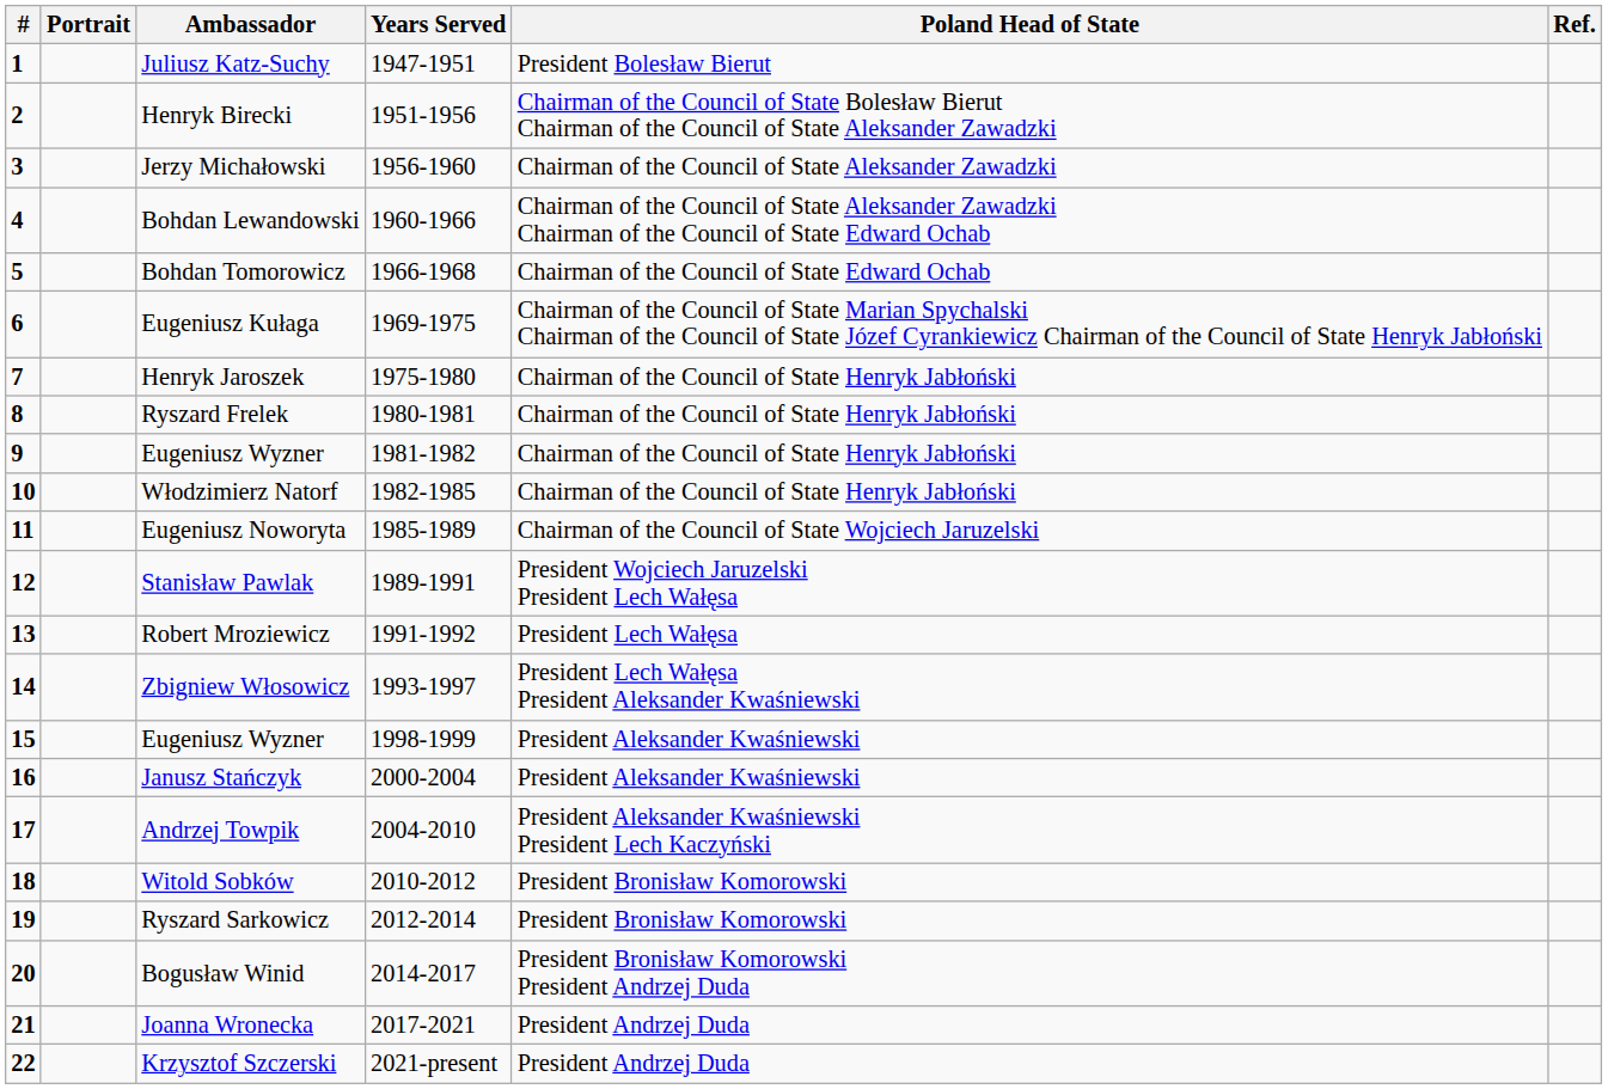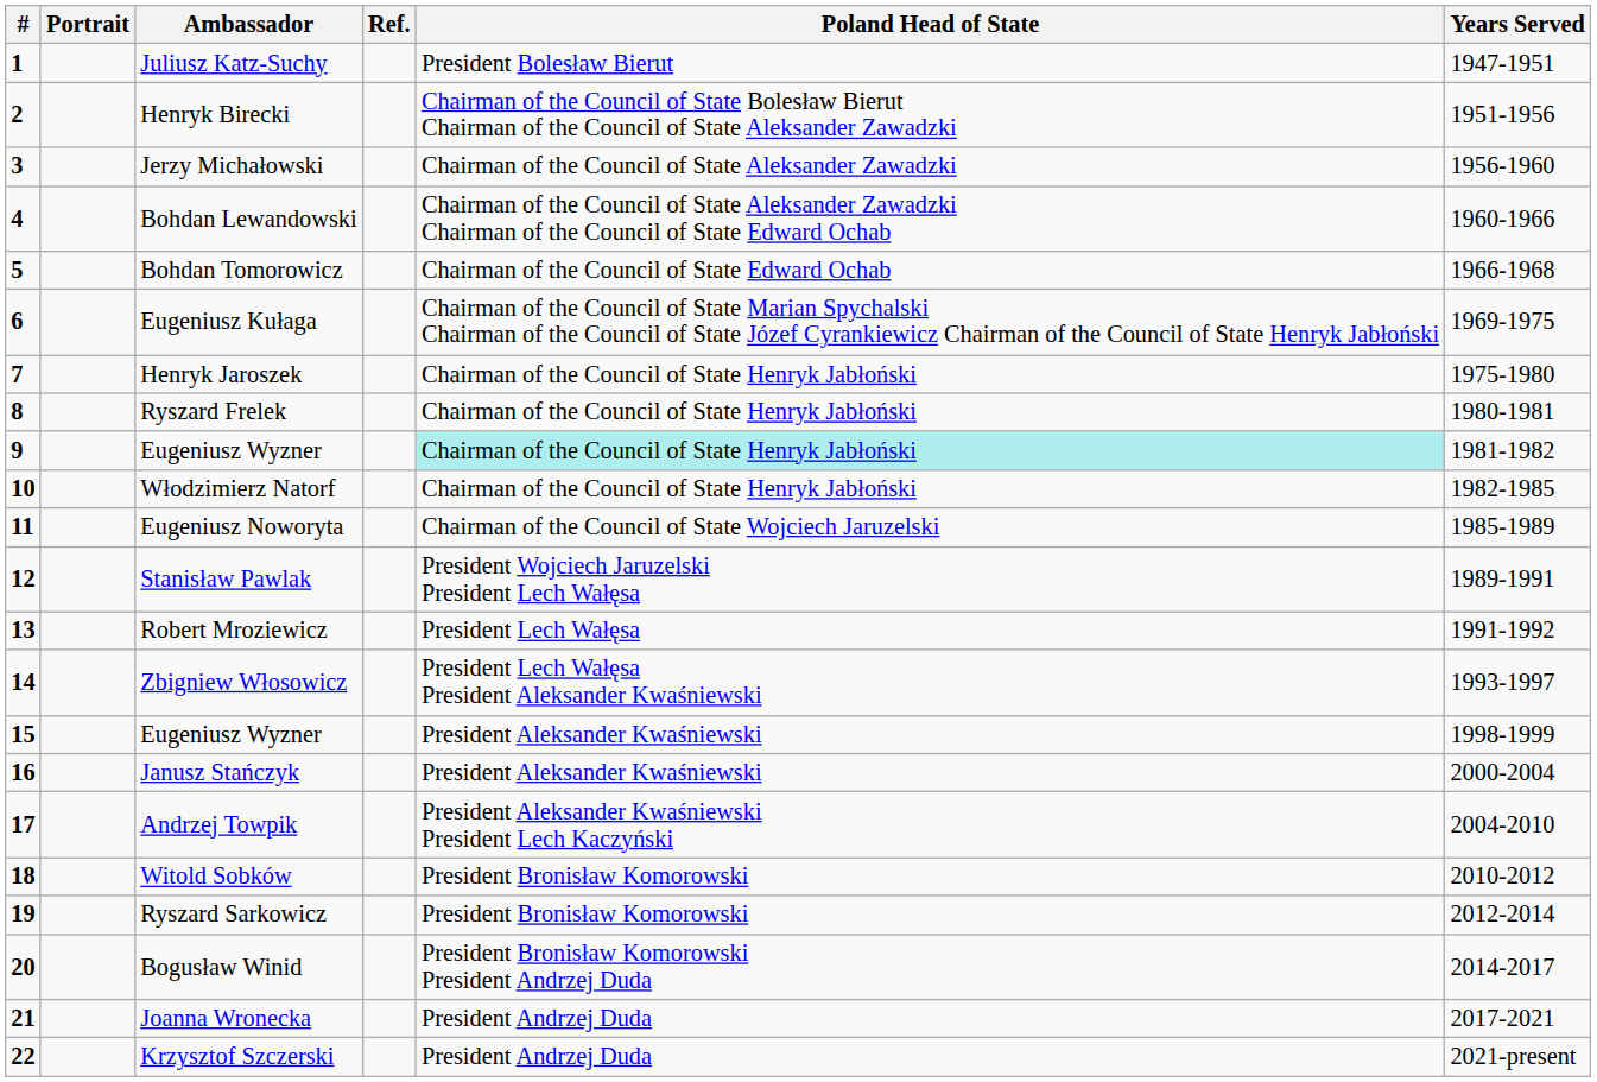 <table class="wikitable">
 <tr>
 <th>#</th>
 <th>Portrait</th>
 <th>Ambassador</th>
+<th>Ref.</th>
+<th>Poland Head of State</th>
 <th>Years Served</th>
-<th>Poland Head of State</th>
-<th>Ref.</th>
 </tr>
 <tr>
 <td><strong>1</strong></td>
 <td></td>
 <td><a href='#'>Juliusz Katz-Suchy</a></td>
+<td></td>
+<td>President <a href='#'>Bolesław Bierut</a></td>
 <td>1947-1951</td>
-<td>President <a href='#'>Bolesław Bierut</a></td>
-<td></td>
 </tr>
 <tr>
 <td><strong>2</strong></td>
 <td></td>
 <td>Henryk Birecki</td>
+<td></td>
+<td><a href='#'>Chairman of the Council of State</a> Bolesław Bierut<br>Chairman of the Council of State <a href='#'>Aleksander Zawadzki</a></td>
 <td>1951-1956</td>
-<td><a href='#'>Chairman of the Council of State</a> Bolesław Bierut<br>Chairman of the Council of State <a href='#'>Aleksander Zawadzki</a></td>
-<td></td>
 </tr>
 <tr>
 <td><strong>3</strong></td>
 <td></td>
 <td>Jerzy Michałowski</td>
+<td></td>
+<td>Chairman of the Council of State <a href='#'>Aleksander Zawadzki</a></td>
 <td>1956-1960</td>
-<td>Chairman of the Council of State <a href='#'>Aleksander Zawadzki</a></td>
-<td></td>
 </tr>
 <tr>
 <td><strong>4</strong></td>
 <td></td>
 <td>Bohdan Lewandowski</td>
+<td></td>
+<td>Chairman of the Council of State <a href='#'>Aleksander Zawadzki</a><br>Chairman of the Council of State <a href='#'>Edward Ochab</a></td>
 <td>1960-1966</td>
-<td>Chairman of the Council of State <a href='#'>Aleksander Zawadzki</a><br>Chairman of the Council of State <a href='#'>Edward Ochab</a></td>
-<td></td>
 </tr>
 <tr>
 <td><strong>5</strong></td>
 <td></td>
 <td>Bohdan Tomorowicz</td>
+<td></td>
+<td>Chairman of the Council of State <a href='#'>Edward Ochab</a></td>
 <td>1966-1968</td>
-<td>Chairman of the Council of State <a href='#'>Edward Ochab</a></td>
-<td></td>
 </tr>
 <tr>
 <td><strong>6</strong></td>
 <td></td>
 <td>Eugeniusz Kułaga</td>
+<td></td>
+<td>Chairman of the Council of State <a href='#'>Marian Spychalski</a><br>Chairman of the Council of State <a href='#'>Józef Cyrankiewicz</a> Chairman of the Council of State <a href='#'>Henryk Jabłoński</a></td>
 <td>1969-1975</td>
-<td>Chairman of the Council of State <a href='#'>Marian Spychalski</a><br>Chairman of the Council of State <a href='#'>Józef Cyrankiewicz</a> Chairman of the Council of State <a href='#'>Henryk Jabłoński</a></td>
-<td></td>
 </tr>
 <tr>
 <td><strong>7</strong></td>
 <td></td>
 <td>Henryk Jaroszek</td>
+<td></td>
+<td>Chairman of the Council of State <a href='#'>Henryk Jabłoński</a></td>
 <td>1975-1980</td>
-<td>Chairman of the Council of State <a href='#'>Henryk Jabłoński</a></td>
-<td></td>
 </tr>
 <tr>
 <td><strong>8</strong></td>
 <td></td>
 <td>Ryszard Frelek</td>
+<td></td>
+<td>Chairman of the Council of State <a href='#'>Henryk Jabłoński</a></td>
 <td>1980-1981</td>
-<td>Chairman of the Council of State <a href='#'>Henryk Jabłoński</a></td>
-<td></td>
 </tr>
 <tr>
 <td><strong>9</strong></td>
 <td></td>
 <td>Eugeniusz Wyzner</td>
+<td></td>
+<td style="background: paleturquoise;">Chairman of the Council of State <a href='#'>Henryk Jabłoński</a></td>
 <td>1981-1982</td>
-<td>Chairman of the Council of State <a href='#'>Henryk Jabłoński</a></td>
-<td></td>
 </tr>
 <tr>
 <td><strong>10</strong></td>
 <td></td>
 <td>Włodzimierz Natorf</td>
+<td></td>
+<td>Chairman of the Council of State <a href='#'>Henryk Jabłoński</a></td>
 <td>1982-1985</td>
-<td>Chairman of the Council of State <a href='#'>Henryk Jabłoński</a></td>
-<td></td>
 </tr>
 <tr>
 <td><strong>11</strong></td>
 <td></td>
 <td>Eugeniusz Noworyta</td>
+<td></td>
+<td>Chairman of the Council of State <a href='#'>Wojciech Jaruzelski</a></td>
 <td>1985-1989</td>
-<td>Chairman of the Council of State <a href='#'>Wojciech Jaruzelski</a></td>
-<td></td>
 </tr>
 <tr>
 <td><strong>12</strong></td>
 <td></td>
 <td><a href='#'>Stanisław Pawlak</a></td>
+<td></td>
+<td>President <a href='#'>Wojciech Jaruzelski</a><br>President <a href='#'>Lech Wałęsa</a></td>
 <td>1989-1991</td>
-<td>President <a href='#'>Wojciech Jaruzelski</a><br>President <a href='#'>Lech Wałęsa</a></td>
-<td></td>
 </tr>
 <tr>
 <td><strong>13</strong></td>
 <td></td>
 <td>Robert Mroziewicz</td>
+<td></td>
+<td>President <a href='#'>Lech Wałęsa</a></td>
 <td>1991-1992</td>
-<td>President <a href='#'>Lech Wałęsa</a></td>
-<td></td>
 </tr>
 <tr>
 <td><strong>14</strong></td>
 <td></td>
 <td><a href='#'>Zbigniew Włosowicz</a></td>
+<td></td>
+<td>President <a href='#'>Lech Wałęsa</a><br>President <a href='#'>Aleksander Kwaśniewski</a></td>
 <td>1993-1997</td>
-<td>President <a href='#'>Lech Wałęsa</a><br>President <a href='#'>Aleksander Kwaśniewski</a></td>
-<td></td>
 </tr>
 <tr>
 <td><strong>15</strong></td>
 <td></td>
 <td>Eugeniusz Wyzner</td>
+<td></td>
+<td>President <a href='#'>Aleksander Kwaśniewski</a></td>
 <td>1998-1999</td>
-<td>President <a href='#'>Aleksander Kwaśniewski</a></td>
-<td></td>
 </tr>
 <tr>
 <td><strong>16</strong></td>
 <td></td>
 <td><a href='#'>Janusz Stańczyk</a></td>
+<td></td>
+<td>President <a href='#'>Aleksander Kwaśniewski</a></td>
 <td>2000-2004</td>
-<td>President <a href='#'>Aleksander Kwaśniewski</a></td>
-<td></td>
 </tr>
 <tr>
 <td><strong>17</strong></td>
 <td></td>
 <td><a href='#'>Andrzej Towpik</a></td>
+<td></td>
+<td>President <a href='#'>Aleksander Kwaśniewski</a><br>President <a href='#'>Lech Kaczyński</a></td>
 <td>2004-2010</td>
-<td>President <a href='#'>Aleksander Kwaśniewski</a><br>President <a href='#'>Lech Kaczyński</a></td>
-<td></td>
 </tr>
 <tr>
 <td><strong>18</strong></td>
 <td></td>
 <td><a href='#'>Witold Sobków</a></td>
+<td></td>
+<td>President <a href='#'>Bronisław Komorowski</a></td>
 <td>2010-2012</td>
-<td>President <a href='#'>Bronisław Komorowski</a></td>
-<td></td>
 </tr>
 <tr>
 <td><strong>19</strong></td>
 <td></td>
 <td>Ryszard Sarkowicz</td>
+<td></td>
+<td>President <a href='#'>Bronisław Komorowski</a></td>
 <td>2012-2014</td>
-<td>President <a href='#'>Bronisław Komorowski</a></td>
-<td></td>
 </tr>
 <tr>
 <td><strong>20</strong></td>
 <td></td>
 <td>Bogusław Winid</td>
+<td></td>
+<td>President <a href='#'>Bronisław Komorowski</a><br>President <a href='#'>Andrzej Duda</a></td>
 <td>2014-2017</td>
-<td>President <a href='#'>Bronisław Komorowski</a><br>President <a href='#'>Andrzej Duda</a></td>
-<td></td>
 </tr>
 <tr>
 <td><strong>21</strong></td>
 <td></td>
 <td><a href='#'>Joanna Wronecka</a></td>
+<td></td>
+<td>President <a href='#'>Andrzej Duda</a></td>
 <td>2017-2021</td>
-<td>President <a href='#'>Andrzej Duda</a></td>
-<td></td>
 </tr>
 <tr>
 <td><strong>22</strong></td>
 <td></td>
 <td><a href='#'>Krzysztof Szczerski</a></td>
+<td></td>
+<td>President <a href='#'>Andrzej Duda</a></td>
 <td>2021-present</td>
-<td>President <a href='#'>Andrzej Duda</a></td>
-<td></td>
 </tr>
 </table>
